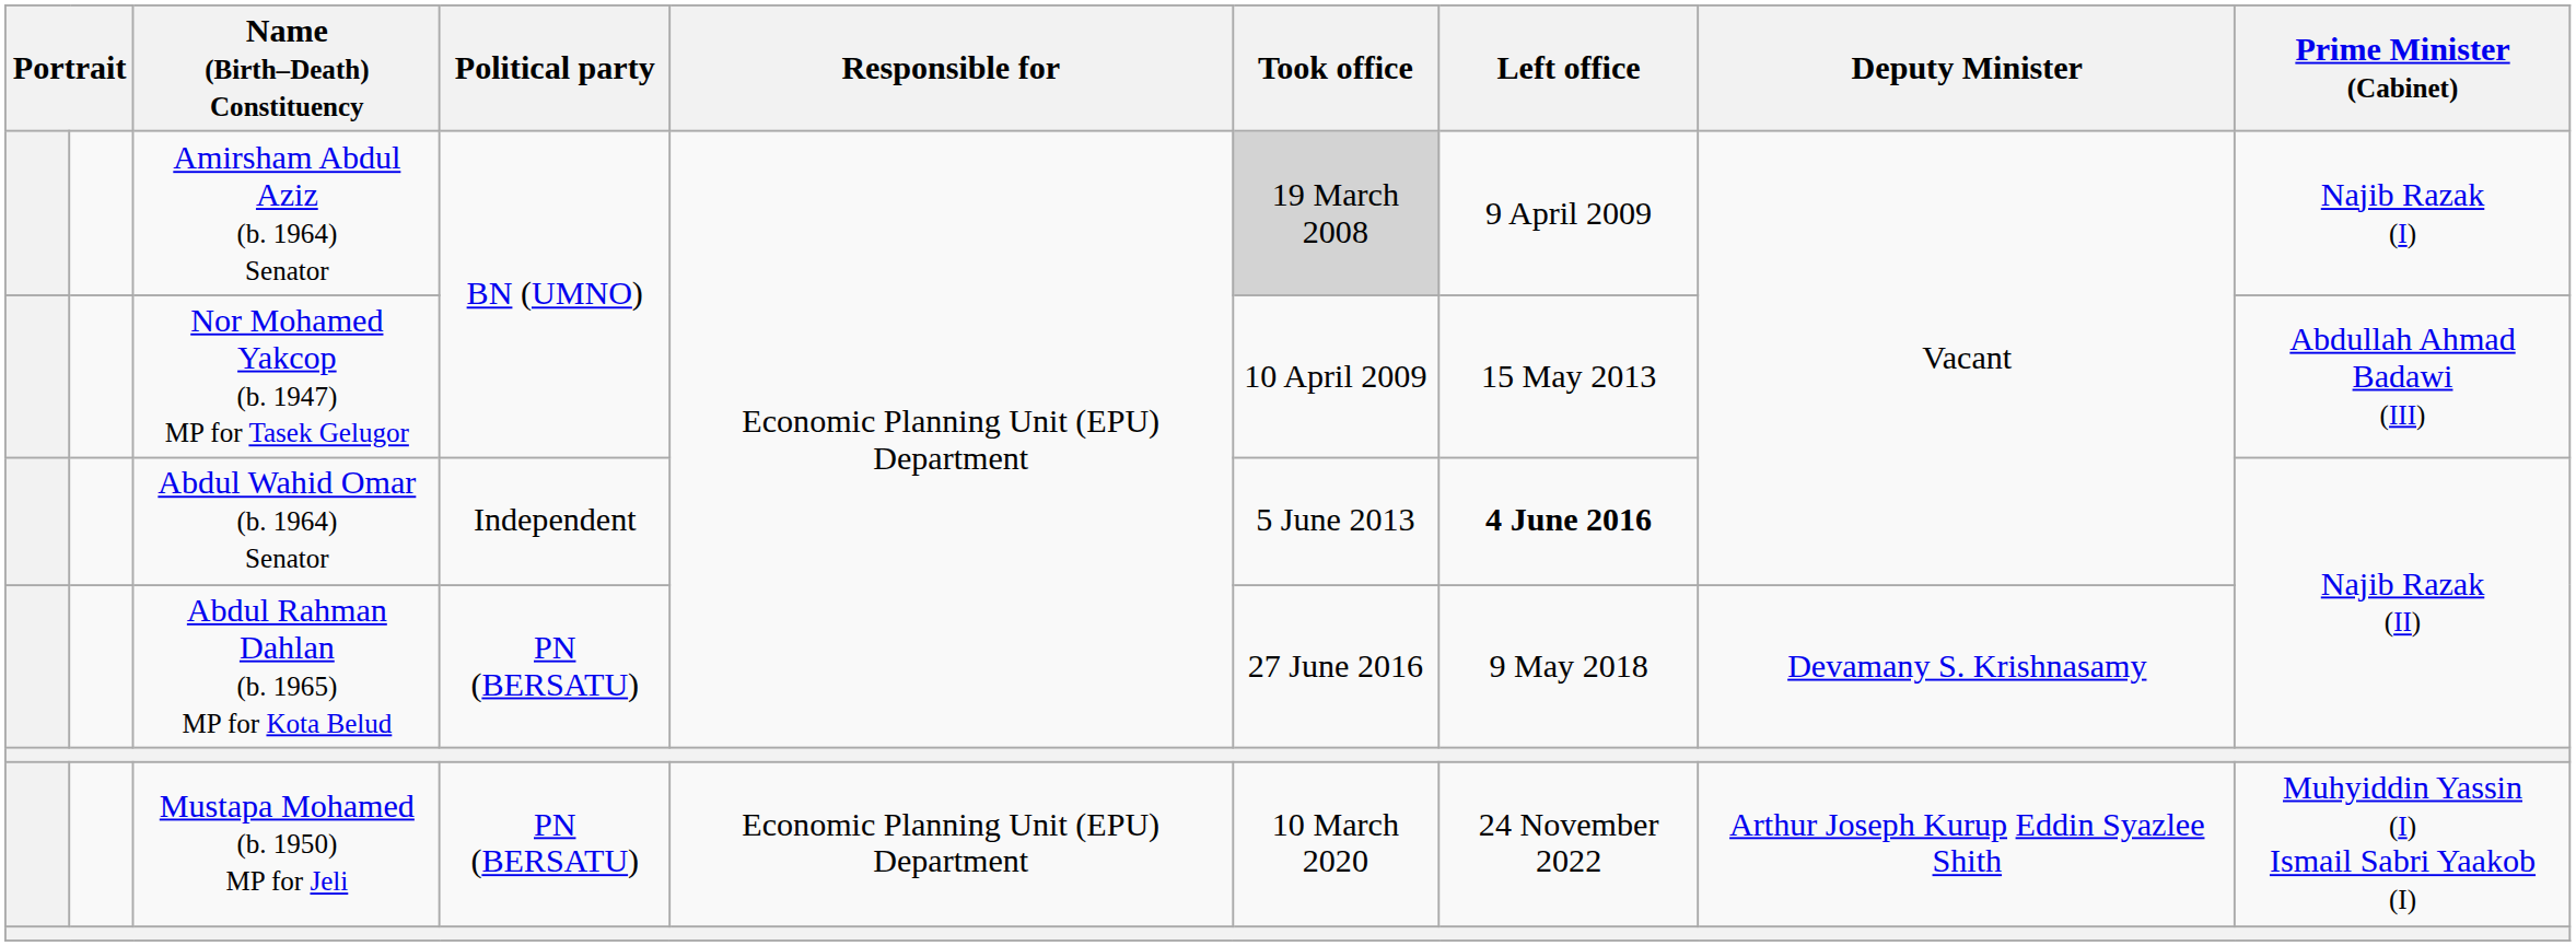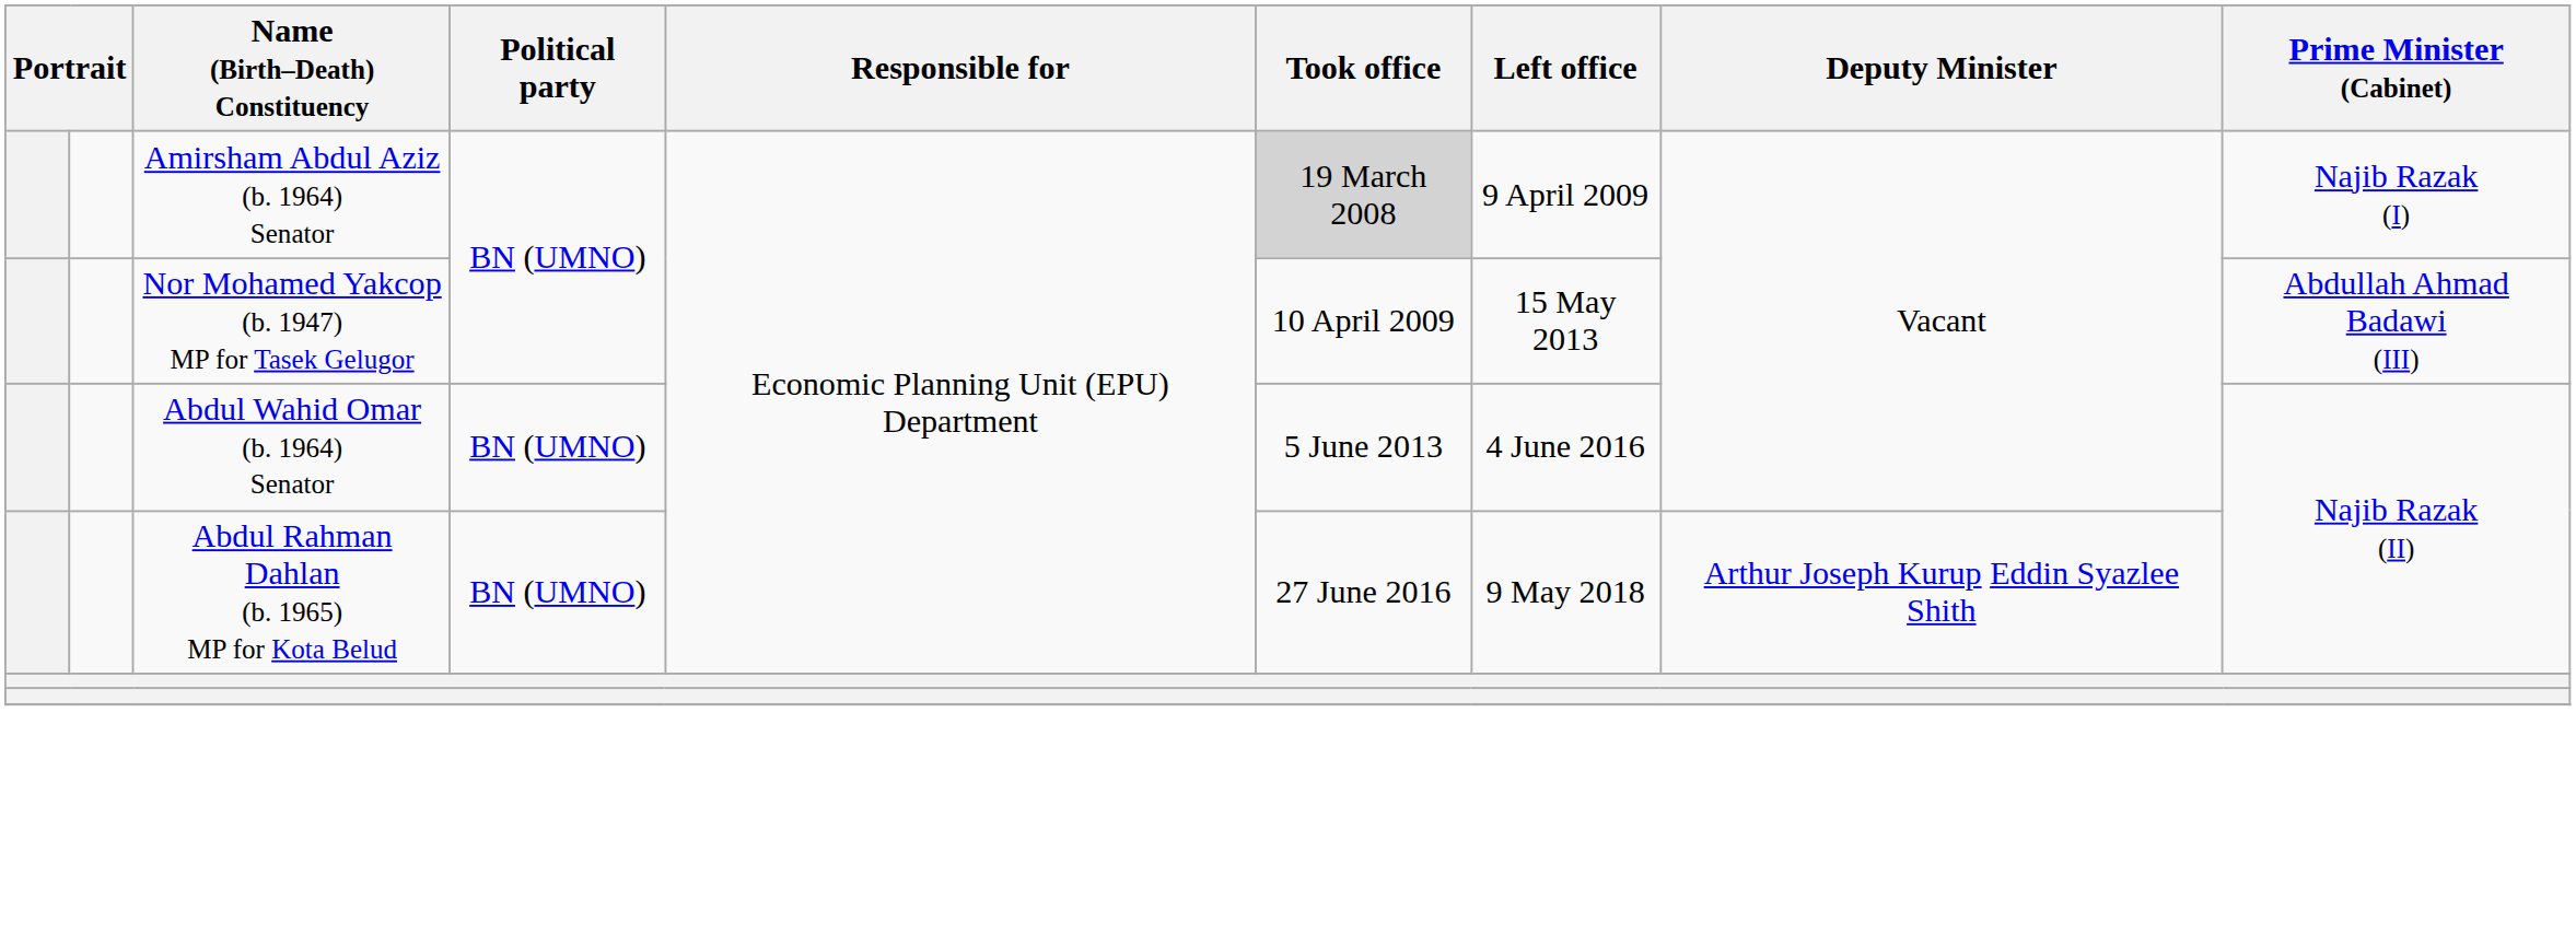 <table class="wikitable" style="text-align:center;">
 <tr>
 <th colspan="2">Portrait</th>
 <th>Name<br><small>(Birth–Death)<br>Constituency</small></th>
 <th>Political party</th>
 <th>Responsible for</th>
 <th>Took office</th>
 <th>Left office</th>
 <th>Deputy Minister</th>
 <th><a href='#'>Prime Minister</a><br><small>(Cabinet)</small></th>
 </tr>
 <tr>
 <th style="background:"></th>
 <td></td>
 <td><a href='#'>Amirsham Abdul Aziz</a><br><small>(b. 1964)<br>Senator</small></td>
 <td rowspan="2"><a href='#'>BN</a> (<a href='#'>UMNO</a>)</td>
 <td rowspan="4">Economic Planning Unit (EPU) Department</td>
 <td style="background: lightgrey;">19 March 2008</td>
 <td>9 April 2009</td>
 <td rowspan="3">Vacant</td>
 <td><a href='#'>Najib Razak</a><br><small>(<a href='#'>I</a>)</small></td>
 </tr>
 <tr>
 <th style="background:"></th>
 <td></td>
 <td><a href='#'>Nor Mohamed Yakcop</a><br><small>(b. 1947)<br>MP for <a href='#'>Tasek Gelugor</a></small></td>
 <td>10 April 2009</td>
 <td>15 May 2013</td>
 <td><a href='#'>Abdullah Ahmad Badawi</a><br><small>(<a href='#'>III</a>)</small></td>
 </tr>
 <tr>
 <th style="background:"></th>
 <td></td>
 <td><a href='#'>Abdul Wahid Omar</a><br><small>(b. 1964)<br>Senator</small></td>
-<td>Independent</td>
+<td><a href='#'>BN</a> (<a href='#'>UMNO</a>)</td>
 <td>5 June 2013</td>
-<td><strong>4 June 2016</strong></td>
+<td>4 June 2016</td>
 <td rowspan="2"><a href='#'>Najib Razak</a><br><small>(<a href='#'>II</a>)</small></td>
 </tr>
 <tr>
 <th style="background:"></th>
 <td></td>
 <td><a href='#'>Abdul Rahman Dahlan</a><br><small>(b. 1965)<br>MP for <a href='#'>Kota Belud</a></small></td>
-<td><a href='#'>PN</a> (<a href='#'>BERSATU</a>)</td>
+<td><a href='#'>BN</a> (<a href='#'>UMNO</a>)</td>
 <td>27 June 2016</td>
 <td>9 May 2018</td>
-<td><a href='#'>Devamany S. Krishnasamy</a></td>
+<td><a href='#'>Arthur Joseph Kurup</a>  <a href='#'>Eddin Syazlee Shith</a> </td>
 </tr>
 <tr>
 <th colspan="9" bgcolor="cccccc"></th>
-</tr>
-<tr>
-<th style="background: "></th>
-<td></td>
-<td><a href='#'>Mustapa Mohamed</a><br><small>(b. 1950)<br>MP for <a href='#'>Jeli</a></small></td>
-<td><a href='#'>PN</a> (<a href='#'>BERSATU</a>)</td>
-<td>Economic Planning Unit (EPU) Department</td>
-<td>10 March 2020</td>
-<td>24 November 2022</td>
-<td><a href='#'>Arthur Joseph Kurup</a>  <a href='#'>Eddin Syazlee Shith</a> </td>
-<td><a href='#'>Muhyiddin Yassin</a><br><small>(<a href='#'>I</a>)</small><br> <a href='#'>Ismail Sabri Yaakob</a><br><small>(I)</small></td>
 </tr>
 <tr>
 <th colspan="9" bgcolor="cccccc"></th>
 </tr>
 <tr>
 </tr>
 <tr>
 </tr>
 </table>
